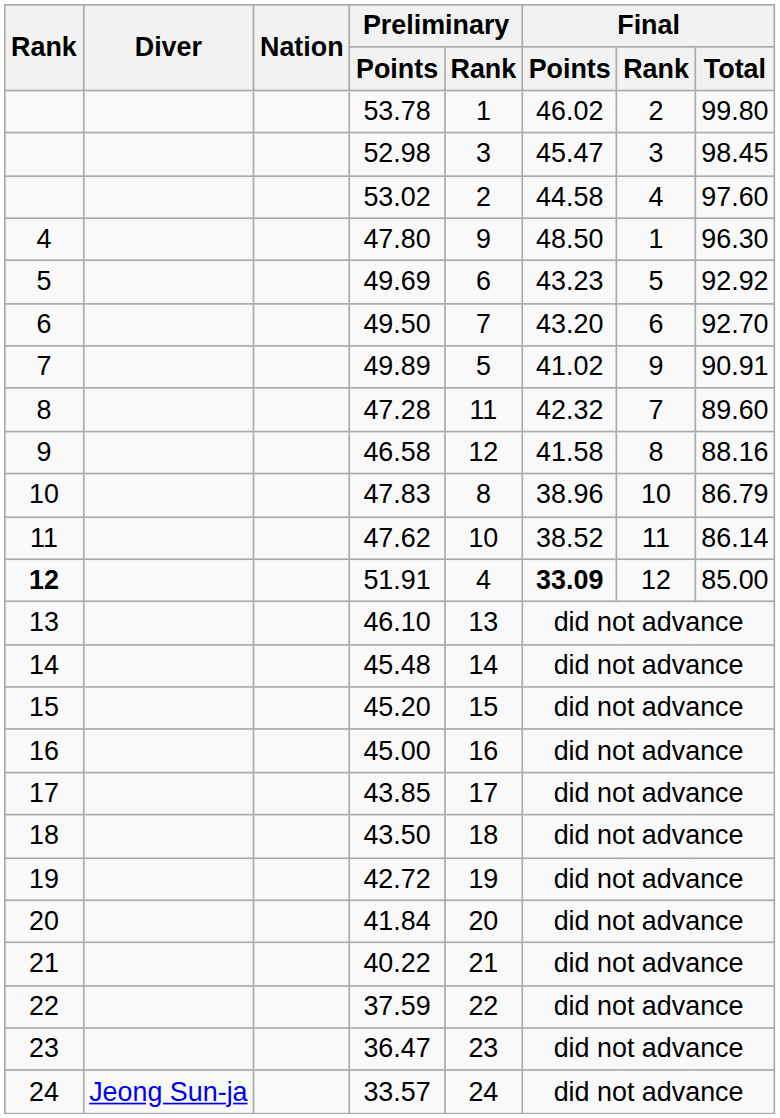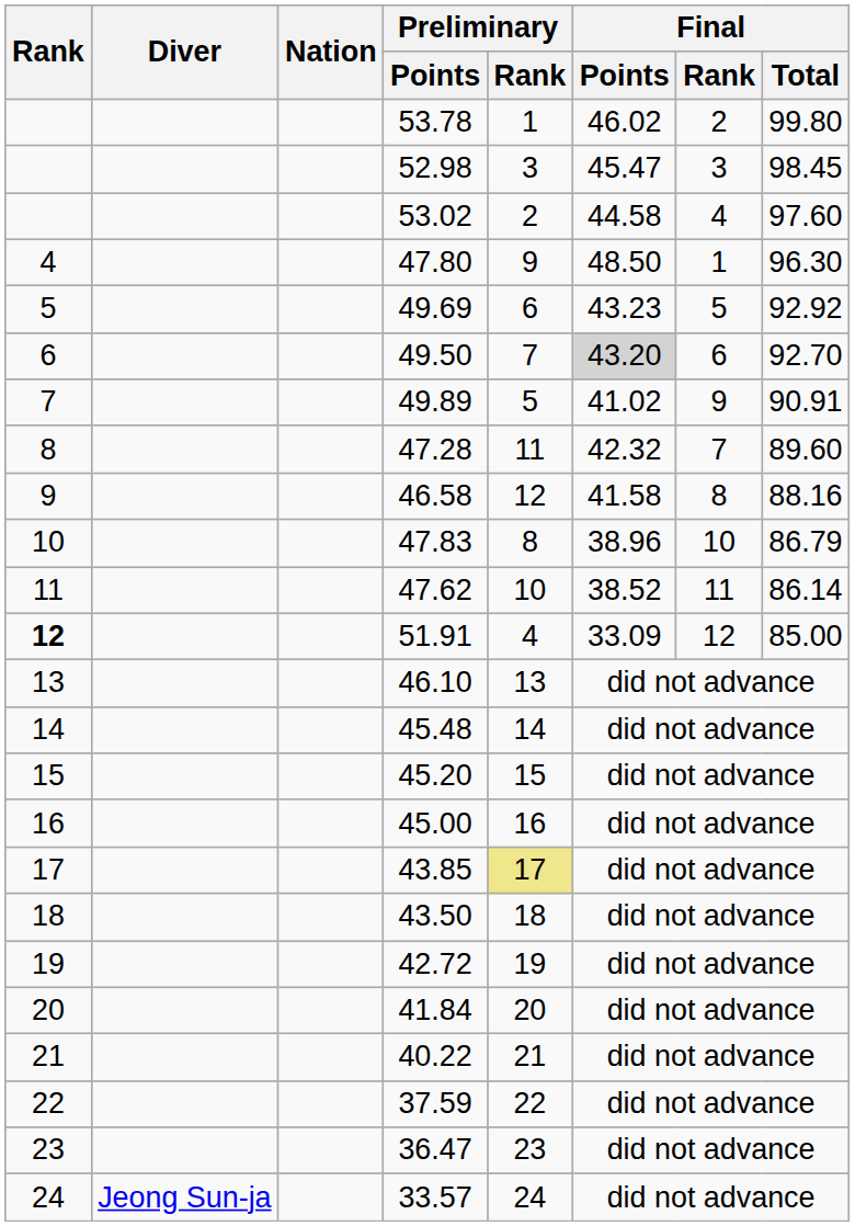 <table class="wikitable sortable" style="text-align:center;">
 <tr>
 <th rowspan=2>Rank</th>
 <th rowspan=2>Diver</th>
 <th rowspan=2>Nation</th>
 <th colspan=2>Preliminary</th>
 <th colspan=3>Final</th>
 </tr>
 <tr>
 <th>Points</th>
 <th>Rank</th>
 <th>Points</th>
 <th>Rank</th>
 <th>Total</th>
 </tr>
 <tr>
 <td></td>
 <td align=left></td>
 <td align=left></td>
 <td>53.78</td>
 <td>1</td>
 <td>46.02</td>
 <td>2</td>
 <td>99.80</td>
 </tr>
 <tr>
 <td></td>
 <td align=left></td>
 <td align=left></td>
 <td>52.98</td>
 <td>3</td>
 <td>45.47</td>
 <td>3</td>
 <td>98.45</td>
 </tr>
 <tr>
 <td></td>
 <td align=left></td>
 <td align=left></td>
 <td>53.02</td>
 <td>2</td>
 <td>44.58</td>
 <td>4</td>
 <td>97.60</td>
 </tr>
 <tr>
 <td>4</td>
 <td align=left></td>
 <td align=left></td>
 <td>47.80</td>
 <td>9</td>
 <td>48.50</td>
 <td>1</td>
 <td>96.30</td>
 </tr>
 <tr>
 <td>5</td>
 <td align=left></td>
 <td align=left></td>
 <td>49.69</td>
 <td>6</td>
 <td>43.23</td>
 <td>5</td>
 <td>92.92</td>
 </tr>
 <tr>
 <td>6</td>
 <td align=left></td>
 <td align=left></td>
 <td>49.50</td>
 <td>7</td>
-<td>43.20</td>
+<td style="background: lightgrey;">43.20</td>
 <td>6</td>
 <td>92.70</td>
 </tr>
 <tr>
 <td>7</td>
 <td align=left></td>
 <td align=left></td>
 <td>49.89</td>
 <td>5</td>
 <td>41.02</td>
 <td>9</td>
 <td>90.91</td>
 </tr>
 <tr>
 <td>8</td>
 <td align=left></td>
 <td align=left></td>
 <td>47.28</td>
 <td>11</td>
 <td>42.32</td>
 <td>7</td>
 <td>89.60</td>
 </tr>
 <tr>
 <td>9</td>
 <td align=left></td>
 <td align=left></td>
 <td>46.58</td>
 <td>12</td>
 <td>41.58</td>
 <td>8</td>
 <td>88.16</td>
 </tr>
 <tr>
 <td>10</td>
 <td align=left></td>
 <td align=left></td>
 <td>47.83</td>
 <td>8</td>
 <td>38.96</td>
 <td>10</td>
 <td>86.79</td>
 </tr>
 <tr>
 <td>11</td>
 <td align=left></td>
 <td align=left></td>
 <td>47.62</td>
 <td>10</td>
 <td>38.52</td>
 <td>11</td>
 <td>86.14</td>
 </tr>
 <tr>
 <td><strong>12</strong></td>
 <td align=left></td>
 <td align=left></td>
 <td>51.91</td>
 <td>4</td>
-<td><strong>33.09</strong></td>
+<td>33.09</td>
 <td>12</td>
 <td>85.00</td>
 </tr>
 <tr>
 <td>13</td>
 <td align=left></td>
 <td align=left></td>
 <td>46.10</td>
 <td>13</td>
 <td colspan=3>did not advance</td>
 </tr>
 <tr>
 <td>14</td>
 <td align=left></td>
 <td align=left></td>
 <td>45.48</td>
 <td>14</td>
 <td colspan=3>did not advance</td>
 </tr>
 <tr>
 <td>15</td>
 <td align=left></td>
 <td align=left></td>
 <td>45.20</td>
 <td>15</td>
 <td colspan=3>did not advance</td>
 </tr>
 <tr>
 <td>16</td>
 <td align=left></td>
 <td align=left></td>
 <td>45.00</td>
 <td>16</td>
 <td colspan=3>did not advance</td>
 </tr>
 <tr>
 <td>17</td>
 <td align=left></td>
 <td align=left></td>
 <td>43.85</td>
-<td>17</td>
+<td style="background: khaki;">17</td>
 <td colspan=3>did not advance</td>
 </tr>
 <tr>
 <td>18</td>
 <td align=left></td>
 <td align=left></td>
 <td>43.50</td>
 <td>18</td>
 <td colspan=3>did not advance</td>
 </tr>
 <tr>
 <td>19</td>
 <td align=left></td>
 <td align=left></td>
 <td>42.72</td>
 <td>19</td>
 <td colspan=3>did not advance</td>
 </tr>
 <tr>
 <td>20</td>
 <td align=left></td>
 <td align=left></td>
 <td>41.84</td>
 <td>20</td>
 <td colspan=3>did not advance</td>
 </tr>
 <tr>
 <td>21</td>
 <td align=left></td>
 <td align=left></td>
 <td>40.22</td>
 <td>21</td>
 <td colspan=3>did not advance</td>
 </tr>
 <tr>
 <td>22</td>
 <td align=left></td>
 <td align=left></td>
 <td>37.59</td>
 <td>22</td>
 <td colspan=3>did not advance</td>
 </tr>
 <tr>
 <td>23</td>
 <td align=left></td>
 <td align=left></td>
 <td>36.47</td>
 <td>23</td>
 <td colspan=3>did not advance</td>
 </tr>
 <tr>
 <td>24</td>
 <td align=left><a href='#'>Jeong Sun-ja</a></td>
 <td align=left></td>
 <td>33.57</td>
 <td>24</td>
 <td colspan=3>did not advance</td>
 </tr>
 </table>
